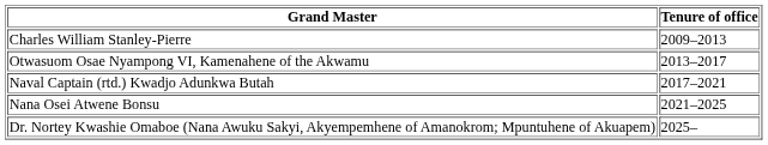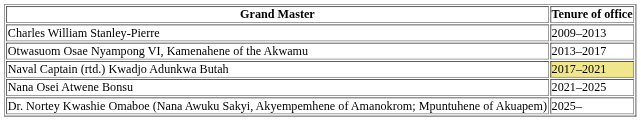 <table class="sortable" border="1">
 <tr>
 <th>Grand Master</th>
 <th>Tenure of office</th>
 </tr>
 <tr>
 <td>Charles William Stanley-Pierre</td>
 <td>2009–2013</td>
 </tr>
 <tr>
 <td>Otwasuom Osae Nyampong VI, Kamenahene of the Akwamu</td>
 <td>2013–2017</td>
 </tr>
 <tr>
 <td>Naval Captain (rtd.) Kwadjo Adunkwa Butah</td>
-<td>2017–2021</td>
+<td style="background: khaki;">2017–2021</td>
 </tr>
 <tr>
 <td>Nana Osei Atwene Bonsu</td>
 <td>2021–2025</td>
 </tr>
 <tr>
 <td>Dr. Nortey Kwashie Omaboe (Nana Awuku Sakyi, Akyempemhene of Amanokrom; Mpuntuhene of Akuapem)</td>
 <td>2025–</td>
 </tr>
 </table>
